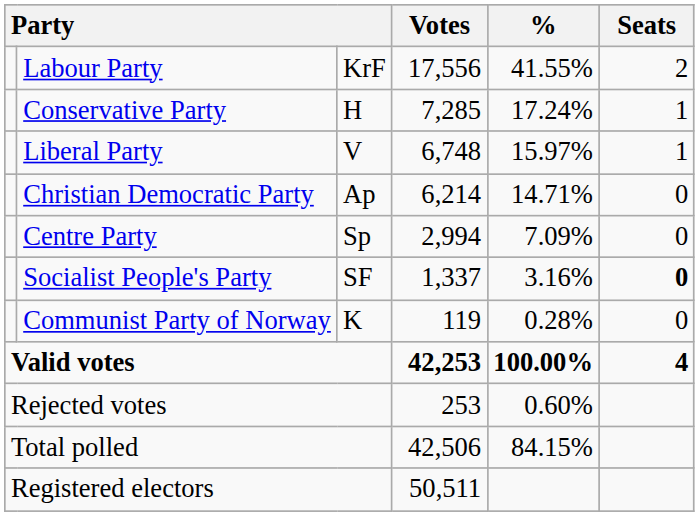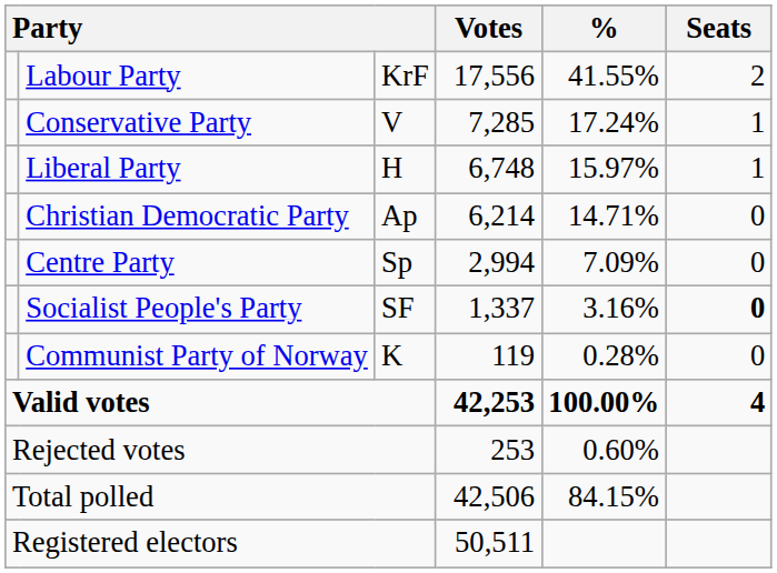 <table class="wikitable" border="1" style="text-align:right;">
 <tr>
 <th style="text-align:left;" colspan=3>Party</th>
 <th align=center width="50">Votes</th>
 <th align=center width="50">%</th>
 <th align=center width="50">Seats</th>
 </tr>
 <tr>
 <td style="color:inherit;background:"></td>
 <td align=left><a href='#'>Labour Party</a></td>
 <td align=left>KrF</td>
 <td>17,556</td>
 <td>41.55%</td>
 <td>2</td>
 </tr>
 <tr>
 <td style="color:inherit;background:"></td>
 <td align=left><a href='#'>Conservative Party</a></td>
-<td align=left>H</td>
+<td align=left>V</td>
 <td>7,285</td>
 <td>17.24%</td>
 <td>1</td>
 </tr>
 <tr>
 <td style="color:inherit;background:"></td>
 <td align=left><a href='#'>Liberal Party</a></td>
-<td align=left>V</td>
+<td align=left>H</td>
 <td>6,748</td>
 <td>15.97%</td>
 <td>1</td>
 </tr>
 <tr>
 <td style="color:inherit;background:"></td>
 <td align=left><a href='#'>Christian Democratic Party</a></td>
 <td align=left>Ap</td>
 <td>6,214</td>
 <td>14.71%</td>
 <td>0</td>
 </tr>
 <tr>
 <td style="color:inherit;background:"></td>
 <td align=left><a href='#'>Centre Party</a></td>
 <td align=left>Sp</td>
 <td>2,994</td>
 <td>7.09%</td>
 <td>0</td>
 </tr>
 <tr>
 <td style="color:inherit;background:"></td>
 <td align=left><a href='#'>Socialist People's Party</a></td>
 <td align=left>SF</td>
 <td>1,337</td>
 <td>3.16%</td>
 <td><strong>0</strong></td>
 </tr>
 <tr>
 <td style="color:inherit;background:"></td>
 <td align=left><a href='#'>Communist Party of Norway</a></td>
 <td align=left>K</td>
 <td>119</td>
 <td>0.28%</td>
 <td>0</td>
 </tr>
 <tr style="font-weight:bold">
 <td align=left colspan=3>Valid votes</td>
 <td>42,253</td>
 <td>100.00%</td>
 <td>4</td>
 </tr>
 <tr>
 <td align=left colspan=3>Rejected votes</td>
 <td>253</td>
 <td>0.60%</td>
 <td></td>
 </tr>
 <tr>
 <td align=left colspan=3>Total polled</td>
 <td>42,506</td>
 <td>84.15%</td>
 <td></td>
 </tr>
 <tr>
 <td align=left colspan=3>Registered electors</td>
 <td>50,511</td>
 <td></td>
 <td></td>
 </tr>
 </table>
